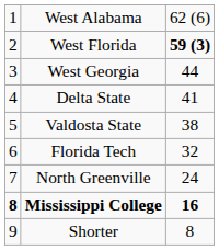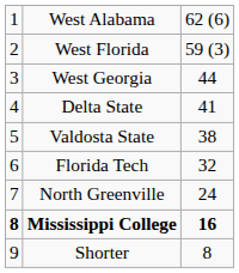 <table class="wikitable">
 <tr align="center">
 </tr>
 <tr align="center">
 <td>1</td>
 <td>West Alabama</td>
 <td>62 (6)</td>
 </tr>
 <tr align="center">
 <td>2</td>
 <td>West Florida</td>
-<td><strong>59 (3)</strong></td>
+<td>59 (3)</td>
 </tr>
 <tr align="center">
 <td>3</td>
 <td>West Georgia</td>
 <td>44</td>
 </tr>
 <tr align="center">
 <td>4</td>
 <td>Delta State</td>
 <td>41</td>
 </tr>
 <tr align="center">
 <td>5</td>
 <td>Valdosta State</td>
 <td>38</td>
 </tr>
 <tr align="center">
 <td>6</td>
 <td>Florida Tech</td>
 <td>32</td>
 </tr>
 <tr align="center">
 <td>7</td>
 <td>North Greenville</td>
 <td>24</td>
 </tr>
 <tr align="center">
 <td><strong>8</strong></td>
 <td><strong>Mississippi College</strong></td>
 <td><strong>16</strong></td>
 </tr>
 <tr align="center">
 <td>9</td>
 <td>Shorter</td>
 <td>8</td>
 </tr>
 </table>
